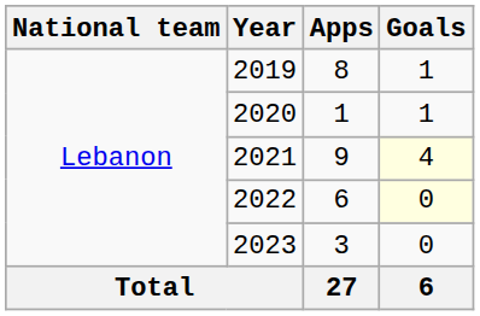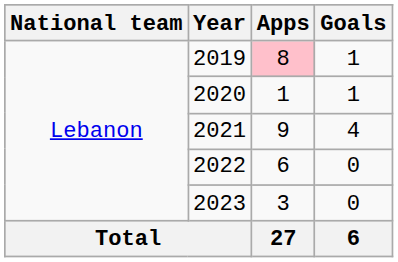 <table class="wikitable" style="text-align:center">
 <tr>
 <th>National team</th>
 <th>Year</th>
 <th>Apps</th>
 <th>Goals</th>
 </tr>
 <tr>
 <td rowspan="5"><a href='#'>Lebanon</a></td>
 <td>2019</td>
-<td>8</td>
+<td style="background: pink;">8</td>
 <td>1</td>
 </tr>
 <tr>
 <td>2020</td>
 <td>1</td>
 <td>1</td>
 </tr>
 <tr>
 <td>2021</td>
 <td>9</td>
-<td style="background: lightyellow;">4</td>
+<td>4</td>
 </tr>
 <tr>
 <td>2022</td>
 <td>6</td>
-<td style="background: lightyellow;">0</td>
+<td>0</td>
 </tr>
 <tr>
 <td>2023</td>
 <td>3</td>
 <td>0</td>
 </tr>
 <tr>
 <th colspan="2">Total</th>
 <th>27</th>
 <th>6</th>
 </tr>
 </table>
